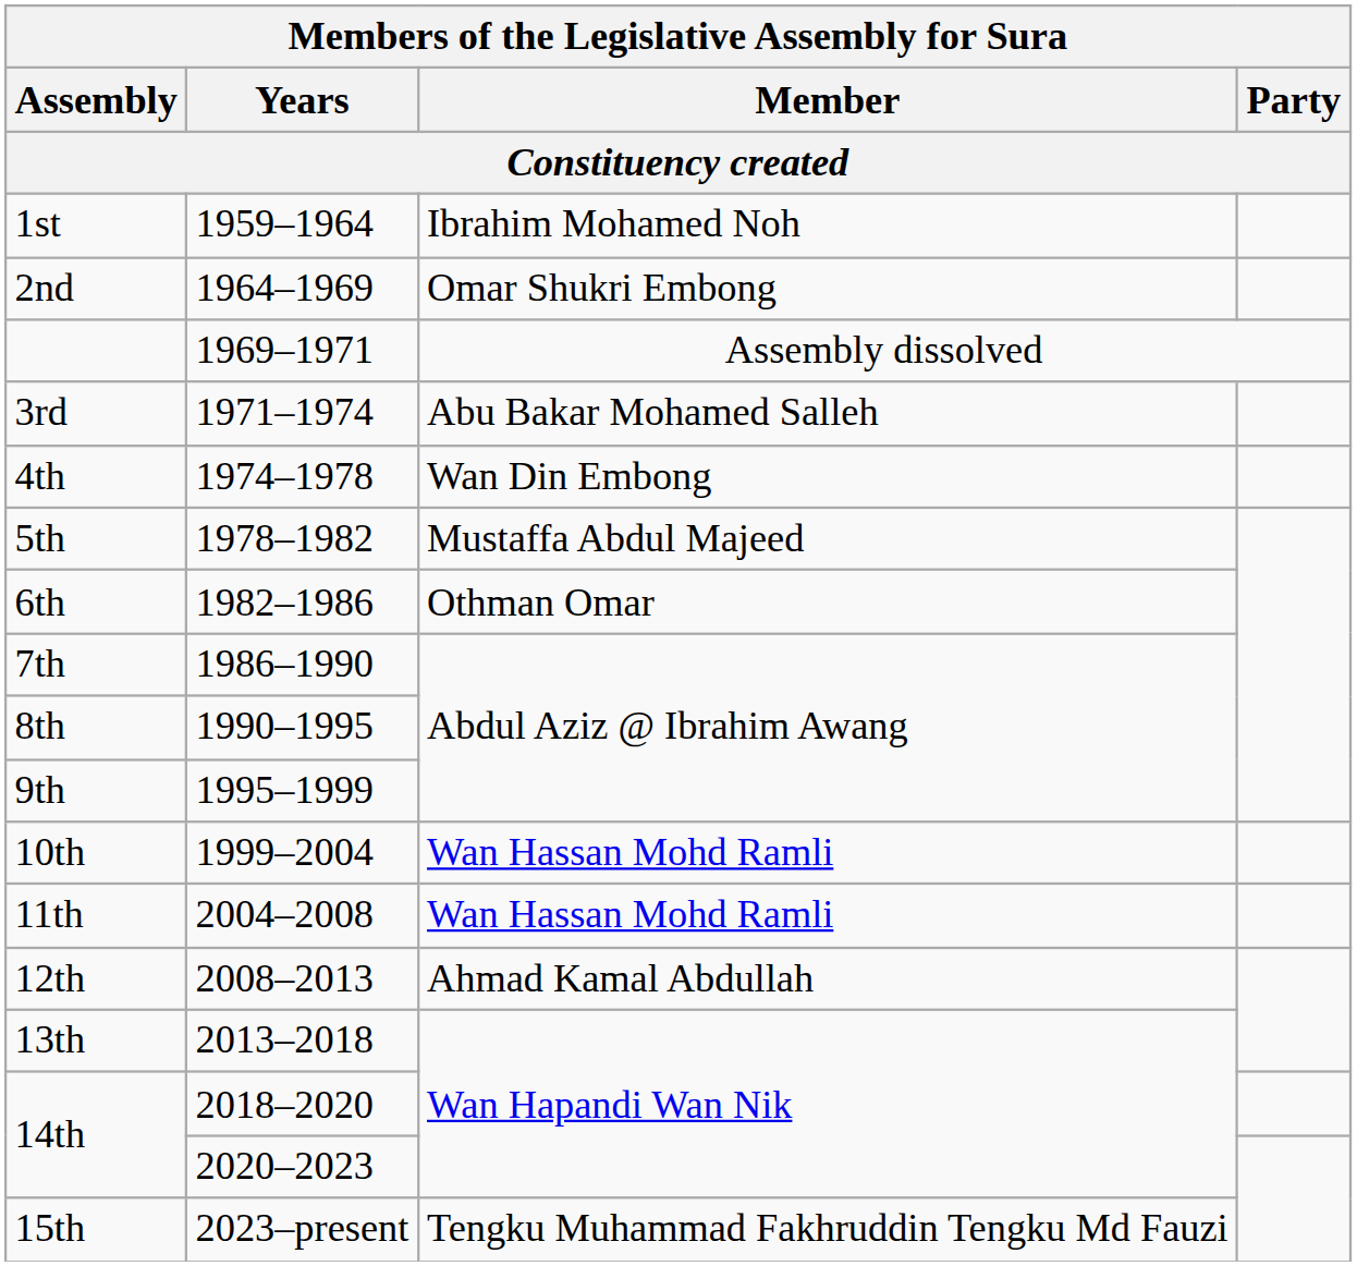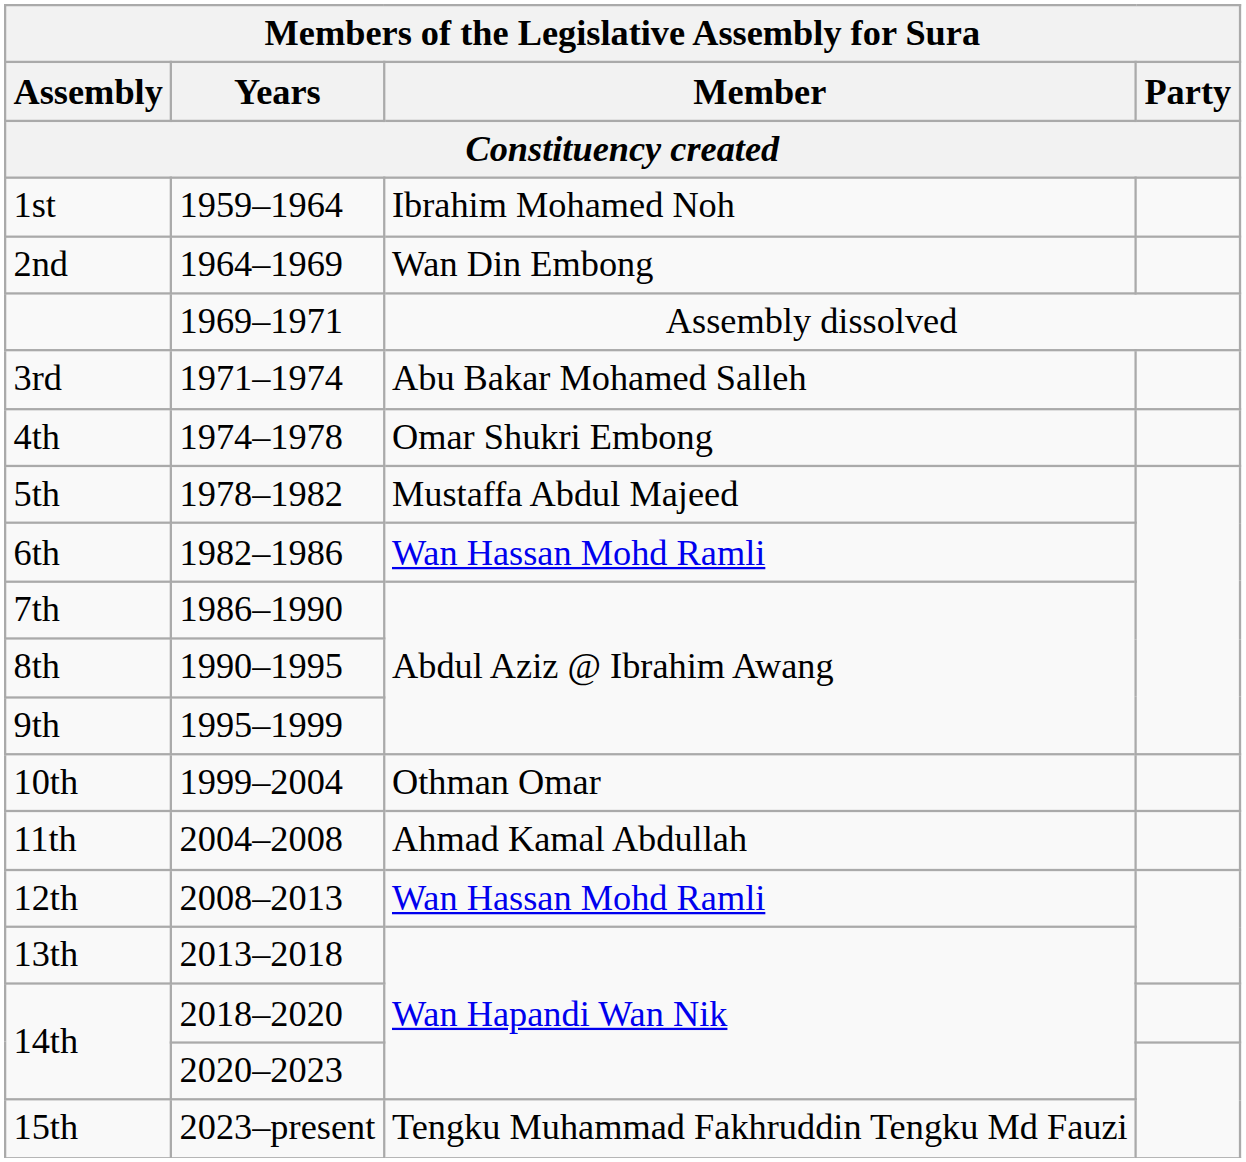 <table class="wikitable">
 <tr>
 <th colspan="4">Members of the Legislative Assembly for Sura</th>
 </tr>
 <tr>
 <th>Assembly</th>
 <th>Years</th>
 <th>Member</th>
 <th>Party</th>
 </tr>
 <tr>
 <th colspan="4" align="center"><em>Constituency created</em></th>
 </tr>
 <tr>
 <td>1st</td>
 <td>1959–1964</td>
 <td>Ibrahim Mohamed Noh</td>
 <td></td>
 </tr>
 <tr>
 <td>2nd</td>
 <td>1964–1969</td>
-<td>Omar Shukri Embong</td>
+<td>Wan Din Embong</td>
 <td></td>
 </tr>
 <tr>
 <td></td>
 <td>1969–1971</td>
 <td colspan="2" align="center">Assembly dissolved</td>
 </tr>
 <tr>
 <td>3rd</td>
 <td>1971–1974</td>
 <td>Abu Bakar Mohamed Salleh</td>
 <td></td>
 </tr>
 <tr>
 <td>4th</td>
 <td>1974–1978</td>
-<td>Wan Din Embong</td>
+<td>Omar Shukri Embong</td>
 <td></td>
 </tr>
 <tr>
 <td>5th</td>
 <td>1978–1982</td>
 <td>Mustaffa Abdul Majeed</td>
 <td rowspan=5></td>
 </tr>
 <tr>
 <td>6th</td>
 <td>1982–1986</td>
-<td>Othman Omar</td>
+<td><a href='#'>Wan Hassan Mohd Ramli</a></td>
 </tr>
 <tr>
 <td>7th</td>
 <td>1986–1990</td>
 <td rowspan="3">Abdul Aziz @ Ibrahim Awang</td>
 </tr>
 <tr>
 <td>8th</td>
 <td>1990–1995</td>
 </tr>
 <tr>
 <td>9th</td>
 <td>1995–1999</td>
 </tr>
 <tr>
 <td>10th</td>
 <td>1999–2004</td>
-<td><a href='#'>Wan Hassan Mohd Ramli</a></td>
+<td>Othman Omar</td>
 <td></td>
 </tr>
 <tr>
 <td>11th</td>
 <td>2004–2008</td>
-<td><a href='#'>Wan Hassan Mohd Ramli</a></td>
+<td>Ahmad Kamal Abdullah</td>
 <td></td>
 </tr>
 <tr>
 <td>12th</td>
 <td>2008–2013</td>
-<td>Ahmad Kamal Abdullah</td>
+<td><a href='#'>Wan Hassan Mohd Ramli</a></td>
 <td rowspan="2"></td>
 </tr>
 <tr>
 <td>13th</td>
 <td>2013–2018</td>
 <td rowspan="3"><a href='#'>Wan Hapandi Wan Nik</a></td>
 </tr>
 <tr>
 <td rowspan="2">14th</td>
 <td>2018–2020</td>
 <td></td>
 </tr>
 <tr>
 <td>2020–2023</td>
 <td rowspan=2></td>
 </tr>
 <tr>
 <td>15th</td>
 <td>2023–present</td>
 <td>Tengku Muhammad Fakhruddin Tengku Md Fauzi</td>
 </tr>
 </table>
